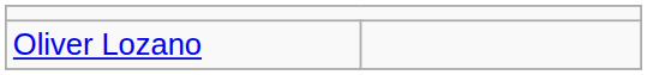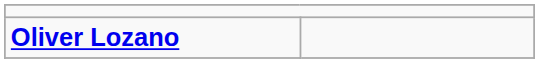 <table class=wikitable style="font-size:90%" width=300px>
 <tr>
 <td colspan=4 bgcolor=></td>
 </tr>
 <tr>
-<td width=160px><a href='#'>Oliver Lozano</a></td>
+<td width=160px><strong><a href='#'>Oliver Lozano</a></strong></td>
 <td></td>
 </tr>
 </table>
